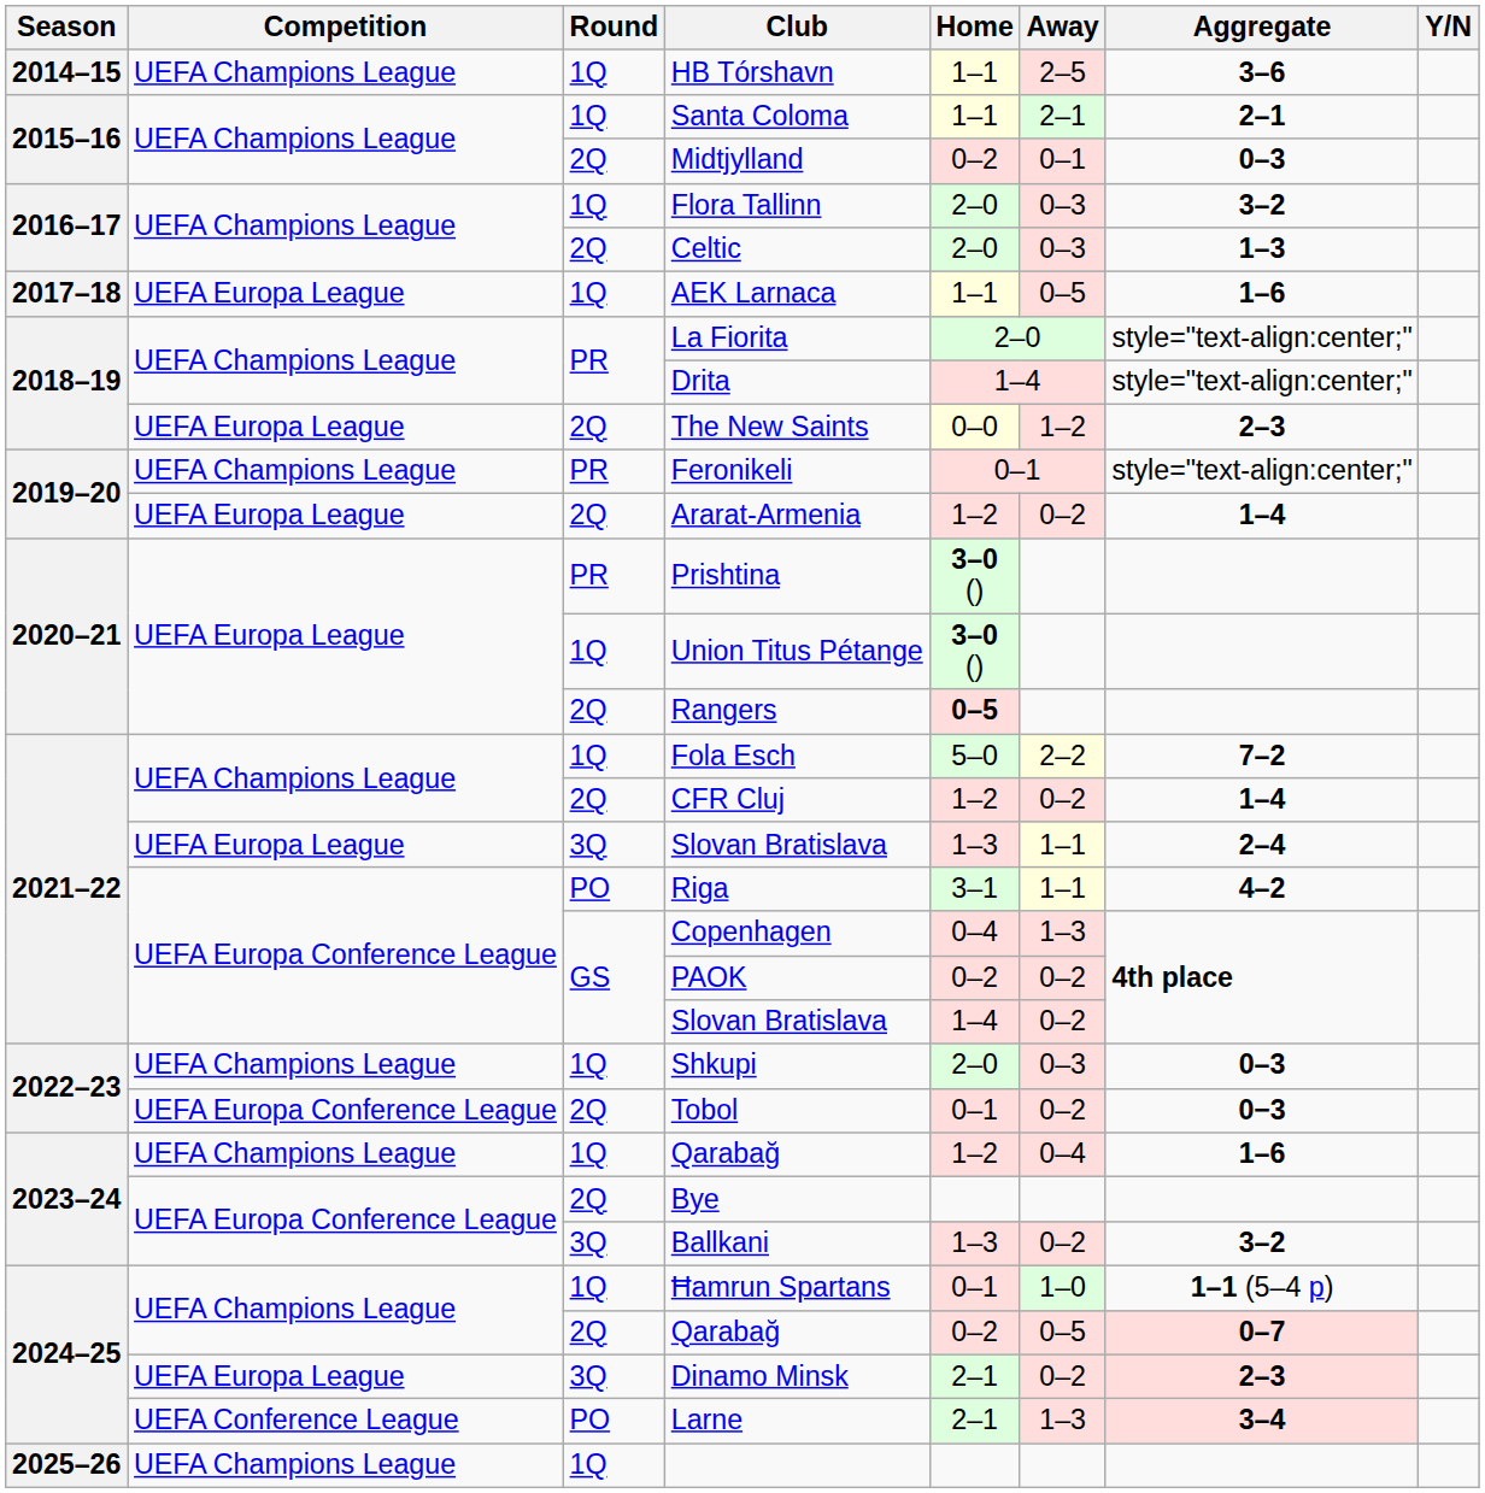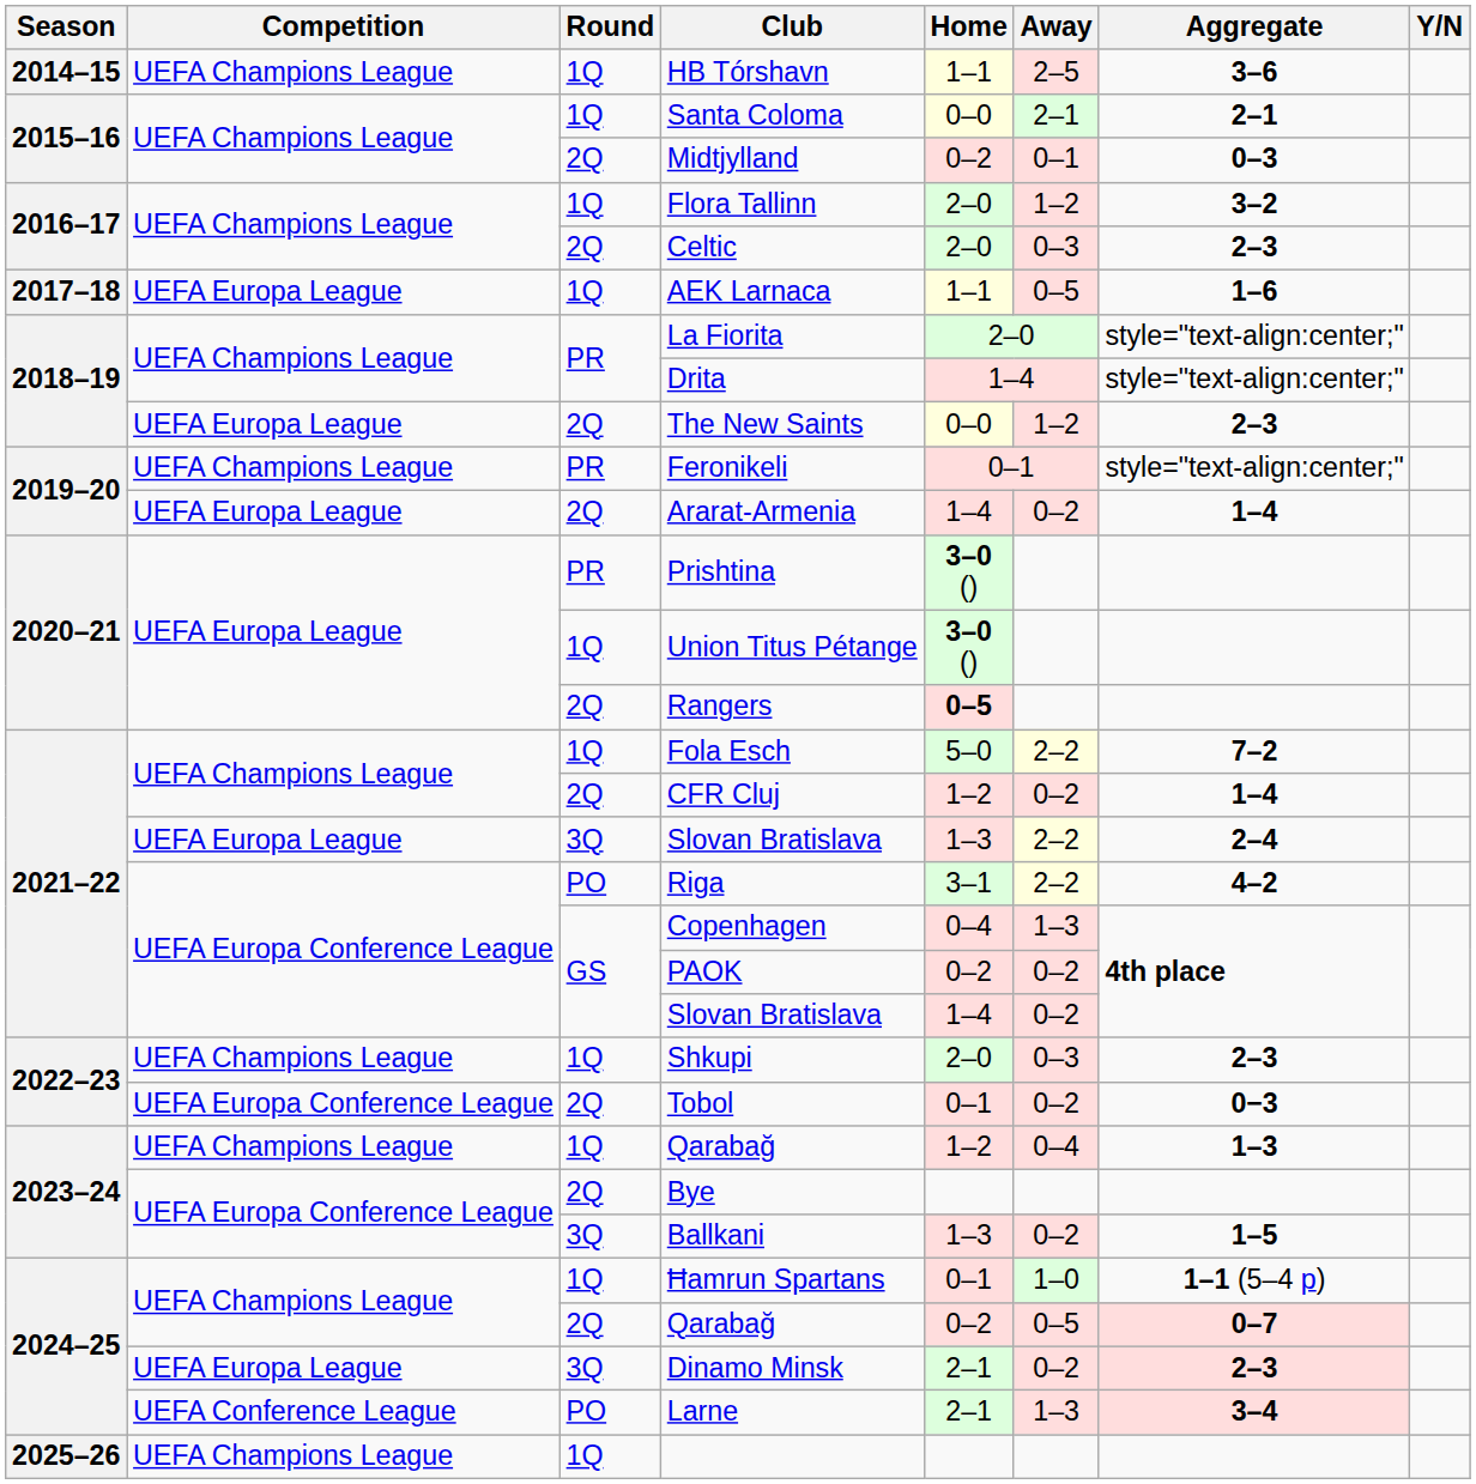 <table class="wikitable plainrowheaders" style="text-align:left;">
 <tr>
 <th scope="col">Season</th>
 <th scope="col">Competition</th>
 <th scope="col">Round</th>
 <th scope="col">Club</th>
 <th scope="col">Home</th>
 <th scope="col">Away</th>
 <th scope="col">Aggregate</th>
 <th scope="col">Y/N</th>
 </tr>
 <tr>
 <th scope="row">2014–15</th>
 <td><a href='#'>UEFA Champions League</a></td>
 <td><a href='#'>1Q</a></td>
 <td> <a href='#'>HB Tórshavn</a></td>
 <td style="text-align:center; background:#ffd;">1–1</td>
 <td style="text-align:center; background:#fdd;">2–5</td>
 <td style="text-align:center;"><strong>3–6</strong></td>
 <td></td>
 </tr>
 <tr>
 <th scope="row" rowspan="2">2015–16</th>
 <td rowspan="2"><a href='#'>UEFA Champions League</a></td>
 <td><a href='#'>1Q</a></td>
 <td> <a href='#'>Santa Coloma</a></td>
-<td style="text-align:center; background:#ffd;">1–1</td>
+<td style="text-align:center; background:#ffd;">0–0</td>
 <td style="text-align:center; background:#dfd;">2–1</td>
 <td style="text-align:center;"><strong>2–1</strong></td>
 <td></td>
 </tr>
 <tr>
 <td><a href='#'>2Q</a></td>
 <td> <a href='#'>Midtjylland</a></td>
 <td style="text-align:center; background:#fdd;">0–2</td>
 <td style="text-align:center; background:#fdd;">0–1</td>
 <td style="text-align:center;"><strong>0–3</strong></td>
 <td></td>
 </tr>
 <tr>
 <th scope="row" rowspan="2">2016–17</th>
 <td rowspan="2"><a href='#'>UEFA Champions League</a></td>
 <td><a href='#'>1Q</a></td>
 <td> <a href='#'>Flora Tallinn</a></td>
 <td style="text-align:center; background:#dfd;">2–0</td>
-<td style="text-align:center; background:#fdd;">0–3</td>
+<td style="text-align:center; background:#fdd;">1–2</td>
 <td style="text-align:center;"><strong>3–2</strong></td>
 <td></td>
 </tr>
 <tr>
 <td><a href='#'>2Q</a></td>
 <td> <a href='#'>Celtic</a></td>
 <td style="text-align:center; background:#dfd;">2–0</td>
 <td style="text-align:center; background:#fdd;">0–3</td>
-<td style="text-align:center;"><strong>1–3</strong></td>
+<td style="text-align:center;"><strong>2–3</strong></td>
 <td></td>
 </tr>
 <tr>
 <th scope="row">2017–18</th>
 <td><a href='#'>UEFA Europa League</a></td>
 <td><a href='#'>1Q</a></td>
 <td> <a href='#'>AEK Larnaca</a></td>
 <td style="text-align:center; background:#ffd;">1–1</td>
 <td style="text-align:center; background:#fdd;">0–5</td>
 <td style="text-align:center;"><strong>1–6</strong></td>
 <td></td>
 </tr>
 <tr>
 <th scope="row" rowspan="3">2018–19</th>
 <td rowspan="2"><a href='#'>UEFA Champions League</a></td>
 <td rowspan="2"><a href='#'>PR</a></td>
 <td> <a href='#'>La Fiorita</a></td>
 <td style="text-align:center; background:#dfd;" colspan="2">2–0</td>
 <td>style="text-align:center;" </td>
 <td></td>
 </tr>
 <tr>
 <td> <a href='#'>Drita</a></td>
 <td style="text-align:center; background:#fdd;" colspan="2">1–4</td>
 <td>style="text-align:center;" </td>
 <td></td>
 </tr>
 <tr>
 <td><a href='#'>UEFA Europa League</a></td>
 <td><a href='#'>2Q</a></td>
 <td> <a href='#'>The New Saints</a></td>
 <td style="text-align:center; background:#ffd;">0–0</td>
 <td style="text-align:center; background:#fdd;">1–2</td>
 <td style="text-align:center;"><strong>2–3</strong></td>
 <td></td>
 </tr>
 <tr>
 <th scope="row" rowspan="2">2019–20</th>
 <td><a href='#'>UEFA Champions League</a></td>
 <td><a href='#'>PR</a></td>
 <td> <a href='#'>Feronikeli</a></td>
 <td style="text-align:center; background:#fdd;" colspan="2">0–1</td>
 <td>style="text-align:center;" </td>
 <td></td>
 </tr>
 <tr>
 <td><a href='#'>UEFA Europa League</a></td>
 <td><a href='#'>2Q</a></td>
 <td> <a href='#'>Ararat-Armenia</a></td>
-<td style="text-align:center; background:#fdd;">1–2</td>
+<td style="text-align:center; background:#fdd;">1–4</td>
 <td style="text-align:center; background:#fdd;">0–2</td>
 <td style="text-align:center;"><strong>1–4</strong></td>
 <td></td>
 </tr>
 <tr>
 <th scope="row"rowspan="3">2020–21</th>
 <td rowspan="3"><a href='#'>UEFA Europa League</a></td>
 <td><a href='#'>PR</a></td>
 <td> <a href='#'>Prishtina</a></td>
 <td bgcolor="#ddffdd" style="text-align:center;"><strong>3–0</strong> <br>()</td>
 <td></td>
 <td></td>
 <td></td>
 </tr>
 <tr>
 <td><a href='#'>1Q</a></td>
 <td> <a href='#'>Union Titus Pétange</a></td>
 <td bgcolor="#ddffdd" style="text-align:center;"><strong>3–0</strong> <br>()</td>
 <td></td>
 <td></td>
 <td></td>
 </tr>
 <tr>
 <td><a href='#'>2Q</a></td>
 <td> <a href='#'>Rangers</a></td>
 <td bgcolor="#ffdddd" style="text-align:center;"><strong>0–5</strong></td>
 <td></td>
 <td></td>
 <td></td>
 </tr>
 <tr>
 <th scope="row"rowspan="7">2021–22</th>
 <td rowspan="2"><a href='#'>UEFA Champions League</a></td>
 <td><a href='#'>1Q</a></td>
 <td> <a href='#'>Fola Esch</a></td>
 <td style="text-align:center; background:#dfd;">5–0</td>
 <td style="text-align:center; background:#ffd;">2–2</td>
 <td style="text-align:center;"><strong>7–2</strong></td>
 <td></td>
 </tr>
 <tr>
 <td><a href='#'>2Q</a></td>
 <td> <a href='#'>CFR Cluj</a></td>
 <td style="text-align:center; background:#fdd;">1–2</td>
 <td style="text-align:center; background:#fdd;">0–2</td>
 <td style="text-align:center;"><strong>1–4</strong></td>
 <td></td>
 </tr>
 <tr>
 <td><a href='#'>UEFA Europa League</a></td>
 <td><a href='#'>3Q</a></td>
 <td> <a href='#'>Slovan Bratislava</a></td>
 <td style="text-align:center; background:#fdd;">1–3</td>
-<td style="text-align:center; background:#ffd;">1–1</td>
+<td style="text-align:center; background:#ffd;">2–2</td>
 <td style="text-align:center;"><strong>2–4</strong></td>
 <td></td>
 </tr>
 <tr>
 <td rowspan="4"><a href='#'>UEFA Europa Conference League</a></td>
 <td><a href='#'>PO</a></td>
 <td> <a href='#'>Riga</a></td>
 <td style="text-align:center; background:#dfd;">3–1 </td>
-<td style="text-align:center; background:#ffd;">1–1</td>
+<td style="text-align:center; background:#ffd;">2–2</td>
 <td style="text-align:center;"><strong>4–2</strong></td>
 <td></td>
 </tr>
 <tr>
 <td rowspan="3"><a href='#'>GS</a></td>
 <td align="left"> <a href='#'>Copenhagen</a></td>
 <td style="text-align:center; background:#fdd;">0–4</td>
 <td style="text-align:center; background:#fdd;">1–3</td>
 <td rowspan="3"><strong>4th place</strong></td>
 <td rowspan="3"></td>
 </tr>
 <tr>
 <td align="left"> <a href='#'>PAOK</a></td>
 <td style="text-align:center; background:#fdd;">0–2</td>
 <td style="text-align:center; background:#fdd;">0–2</td>
 </tr>
 <tr>
 <td align="left"> <a href='#'>Slovan Bratislava</a></td>
 <td style="text-align:center; background:#fdd;">1–4</td>
 <td style="text-align:center; background:#fdd;">0–2</td>
 </tr>
 <tr>
 <th scope="row"rowspan="2">2022–23</th>
 <td rowspan="1"><a href='#'>UEFA Champions League</a></td>
 <td><a href='#'>1Q</a></td>
 <td> <a href='#'>Shkupi</a></td>
 <td style="text-align:center; background:#dfd;">2–0</td>
 <td style="text-align:center; background:#fdd;">0–3</td>
-<td style="text-align:center;"><strong>0–3</strong></td>
+<td style="text-align:center;"><strong>2–3</strong></td>
 <td></td>
 </tr>
 <tr>
 <td rowspan="1"><a href='#'>UEFA Europa Conference League</a></td>
 <td><a href='#'>2Q</a></td>
 <td> <a href='#'>Tobol</a></td>
 <td style="text-align:center; background:#fdd;">0–1</td>
 <td style="text-align:center; background:#fdd;">0–2</td>
 <td style="text-align:center;"><strong>0−3</strong></td>
 <td></td>
 </tr>
 <tr>
 <th rowspan="3" scope="row">2023–24</th>
 <td rowspan="1"><a href='#'>UEFA Champions League</a></td>
 <td><a href='#'>1Q</a></td>
 <td> <a href='#'>Qarabağ</a></td>
 <td style="text-align:center; background:#fdd;">1–2</td>
 <td style="text-align:center; background:#fdd;">0–4</td>
-<td style="text-align:center;"><strong>1–6</strong></td>
+<td style="text-align:center;"><strong>1–3</strong></td>
 <td></td>
 </tr>
 <tr>
 <td rowspan="2"><a href='#'>UEFA Europa Conference League</a></td>
 <td><a href='#'>2Q</a></td>
 <td><a href='#'>Bye</a></td>
 <td></td>
 <td></td>
 <td></td>
 <td></td>
 </tr>
 <tr>
 <td><a href='#'>3Q</a></td>
 <td> <a href='#'>Ballkani</a></td>
 <td style="text-align:center; background:#fdd;">1–3</td>
 <td style="text-align:center; background:#fdd;">0–2</td>
-<td style="text-align:center;"><strong>3–2</strong></td>
+<td style="text-align:center;"><strong>1–5</strong></td>
 <td></td>
 </tr>
 <tr>
 <th rowspan="4" scope="row">2024–25</th>
 <td rowspan="2"><a href='#'>UEFA Champions League</a></td>
 <td><a href='#'>1Q</a></td>
 <td> <a href='#'>Ħamrun Spartans</a></td>
 <td style="text-align:center; background:#fdd;">0–1 </td>
 <td style="text-align:center; background:#dfd;">1–0</td>
 <td style="text-align:center;"><strong>1–1</strong> (5–4 <a href='#'>p</a>)</td>
 <td></td>
 </tr>
 <tr>
 <td><a href='#'>2Q</a></td>
 <td> <a href='#'>Qarabağ</a></td>
 <td style="text-align:center; background:#fdd;">0–2</td>
 <td style="text-align:center; background:#fdd;">0–5</td>
 <td style="text-align:center; background:#fdd;"><strong>0–7</strong></td>
 <td></td>
 </tr>
 <tr>
 <td><a href='#'>UEFA Europa League</a></td>
 <td><a href='#'>3Q</a></td>
 <td> <a href='#'>Dinamo Minsk</a></td>
 <td style="text-align:center; background:#dfd;">2–1</td>
 <td style="text-align:center; background:#fdd;">0–2</td>
 <td style="text-align:center; background:#fdd;"><strong>2–3</strong></td>
 <td></td>
 </tr>
 <tr>
 <td rowspan="1"><a href='#'>UEFA Conference League</a></td>
 <td><a href='#'>PO</a></td>
 <td> <a href='#'>Larne</a></td>
 <td style="text-align:center; background:#dfd;">2–1</td>
 <td style="text-align:center; background:#fdd;">1–3</td>
 <td style="text-align:center; background:#fdd;"><strong>3–4</strong></td>
 <td></td>
 </tr>
 <tr>
 <th rowspan="1" scope="row">2025–26</th>
 <td><a href='#'>UEFA Champions League</a></td>
 <td><a href='#'>1Q</a></td>
 <td></td>
 <td style="text-align:center;"></td>
 <td style="text-align:center;"></td>
 <td style="text-align:center;"></td>
 <td></td>
 </tr>
 </table>
